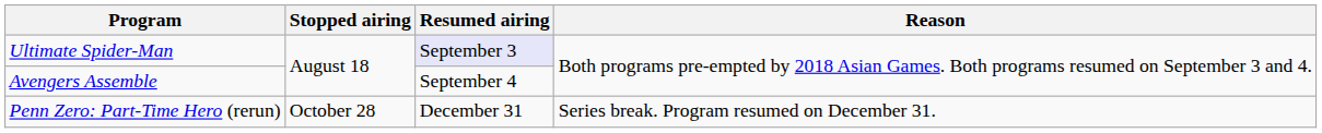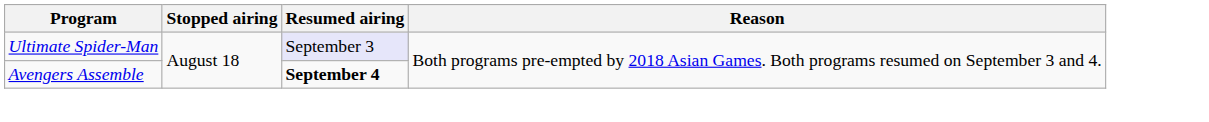 <table class="wikitable">
 <tr>
 <th>Program</th>
 <th>Stopped airing</th>
 <th>Resumed airing</th>
 <th>Reason</th>
 </tr>
 <tr>
 <td><em><a href='#'>Ultimate Spider-Man</a></em></td>
 <td rowspan="2">August 18</td>
 <td style="background: lavender;">September 3</td>
 <td rowspan="2">Both programs pre-empted by <a href='#'>2018 Asian Games</a>. Both programs resumed on September 3 and 4.</td>
 </tr>
 <tr>
 <td><em><a href='#'>Avengers Assemble</a></em></td>
-<td>September 4</td>
-</tr>
-<tr>
-<td><em><a href='#'>Penn Zero: Part-Time Hero</a></em> (rerun)</td>
-<td>October 28</td>
-<td>December 31</td>
-<td>Series break. Program resumed on December 31.</td>
+<td><strong>September 4</strong></td>
 </tr>
 </table>
